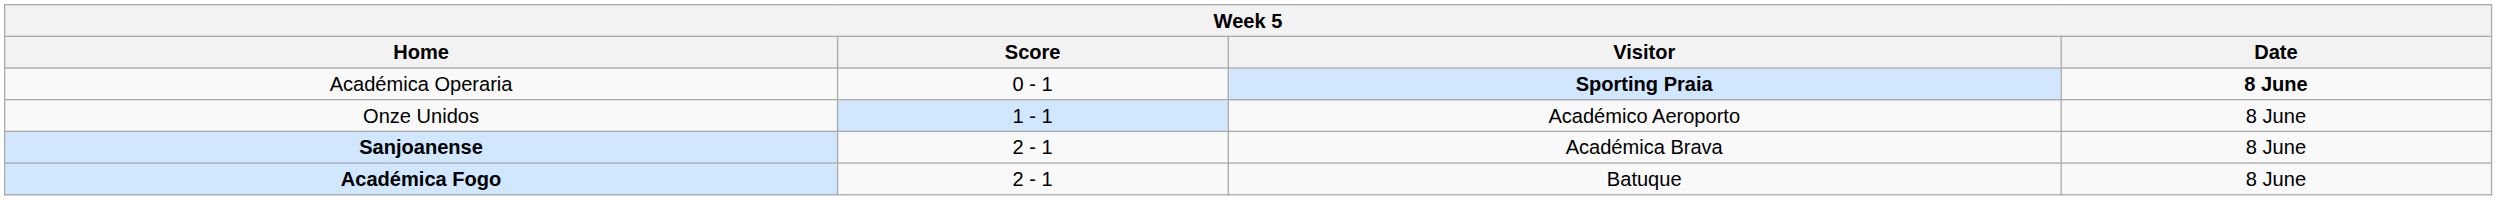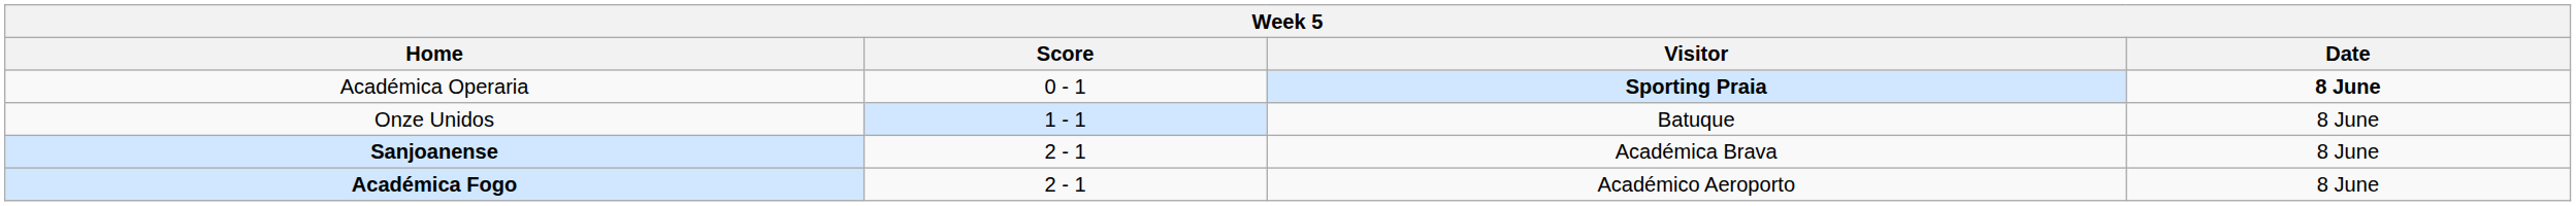 <table class="wikitable" style="font-size:95%; text-align: center; width: 95%;">
 <tr>
 <th colspan="12" style="with: 100%;" align=center>Week 5</th>
 </tr>
 <tr>
 <th width="200">Home</th>
 <th width="90">Score</th>
 <th width="200">Visitor</th>
 <th width="100">Date</th>
 </tr>
 <tr align=center>
 <td>Académica Operaria</td>
 <td>0 - 1</td>
 <td bgcolor=#D0E7FF><strong>Sporting Praia</strong></td>
 <td><strong>8 June</strong></td>
 </tr>
 <tr align=center>
 <td>Onze Unidos</td>
 <td bgcolor=#D0E7FF>1 - 1</td>
-<td>Académico Aeroporto</td>
+<td>Batuque</td>
 <td>8 June</td>
 </tr>
 <tr align=center>
 <td bgcolor=#D0E7FF><strong>Sanjoanense</strong></td>
 <td>2 - 1</td>
 <td>Académica Brava</td>
 <td>8 June</td>
 </tr>
 <tr align=center>
 <td bgcolor=#D0E7FF><strong>Académica Fogo</strong></td>
 <td>2 - 1</td>
-<td>Batuque</td>
+<td>Académico Aeroporto</td>
 <td>8 June</td>
 </tr>
 </table>
